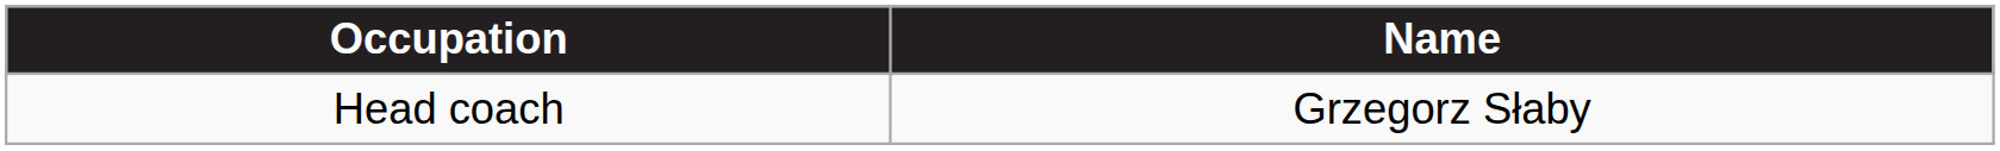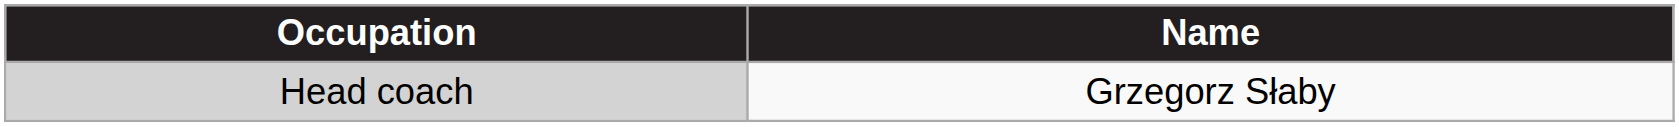 <table class="wikitable" style="font-size:100%; text-align:center">
 <tr>
 <th style="color:#FFFFFF; background-color:#231E20; width:20em">Occupation</th>
 <th colspan="2" style="color:#FFFFFF; background-color:#231E20; width:25em">Name</th>
 </tr>
 <tr>
-<td>Head coach</td>
+<td style="background: lightgrey;">Head coach</td>
 <td colspan="2"> Grzegorz Słaby</td>
 </tr>
 </table>
